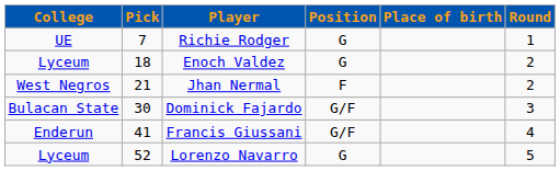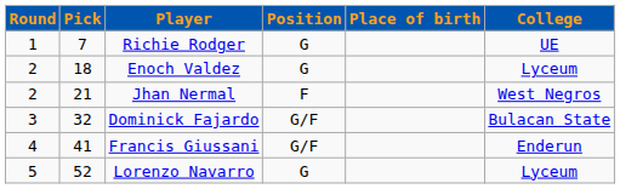 <table class="wikitable sortable sortable" style="text-align:center">
 <tr>
-<th style="background:#0055AF; color:#F9A21D; ">College</th>
+<th style="background:#0055AF; color:#F9A21D; ">Round</th>
 <th style="background:#0055AF; color:#F9A21D; ">Pick</th>
 <th style="background:#0055AF; color:#F9A21D; ">Player</th>
 <th style="background:#0055AF; color:#F9A21D; ">Position</th>
 <th style="background:#0055AF; color:#F9A21D; ">Place of birth</th>
-<th style="background:#0055AF; color:#F9A21D; ">Round</th>
+<th style="background:#0055AF; color:#F9A21D; ">College</th>
 </tr>
 <tr>
-<td><a href='#'>UE</a></td>
+<td>1</td>
 <td>7</td>
 <td><a href='#'>Richie Rodger</a></td>
 <td>G</td>
 <td></td>
-<td>1</td>
+<td><a href='#'>UE</a></td>
 </tr>
 <tr>
-<td><a href='#'>Lyceum</a></td>
+<td>2</td>
 <td>18</td>
 <td><a href='#'>Enoch Valdez</a></td>
 <td>G</td>
 <td></td>
-<td>2</td>
+<td><a href='#'>Lyceum</a></td>
 </tr>
 <tr>
-<td><a href='#'>West Negros</a></td>
+<td>2</td>
 <td>21</td>
 <td><a href='#'>Jhan Nermal</a></td>
 <td>F</td>
 <td></td>
-<td>2</td>
+<td><a href='#'>West Negros</a></td>
 </tr>
 <tr>
-<td><a href='#'>Bulacan State</a></td>
-<td>30</td>
+<td>3</td>
+<td>32</td>
 <td><a href='#'>Dominick Fajardo</a></td>
 <td>G/F</td>
 <td></td>
-<td>3</td>
+<td><a href='#'>Bulacan State</a></td>
 </tr>
 <tr>
-<td><a href='#'>Enderun</a></td>
+<td>4</td>
 <td>41</td>
 <td><a href='#'>Francis Giussani</a></td>
 <td>G/F</td>
 <td></td>
-<td>4</td>
+<td><a href='#'>Enderun</a></td>
 </tr>
 <tr>
-<td><a href='#'>Lyceum</a></td>
+<td>5</td>
 <td>52</td>
 <td><a href='#'>Lorenzo Navarro</a></td>
 <td>G</td>
 <td></td>
-<td>5</td>
+<td><a href='#'>Lyceum</a></td>
 </tr>
 </table>
